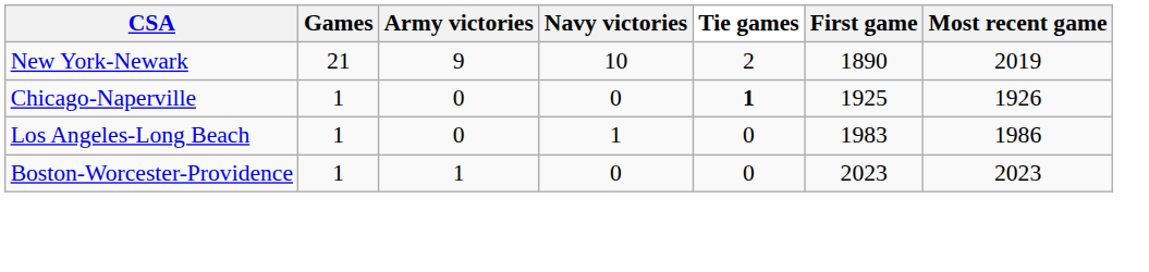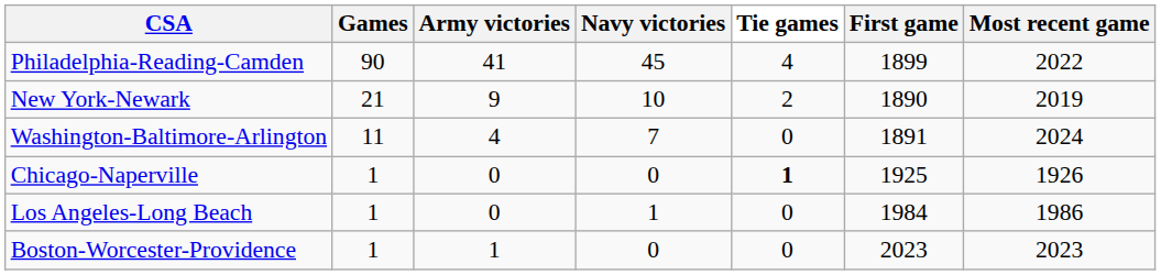 <table class="wikitable sortable">
 <tr>
 <th><a href='#'>CSA</a></th>
 <th>Games</th>
 <th>Army victories</th>
 <th>Navy victories</th>
 <th style="text-align:center; background:white; color:black;">Tie games</th>
 <th>First game</th>
 <th>Most recent game</th>
 </tr>
 <tr>
+<td><a href='#'>Philadelphia-Reading-Camden</a></td>
+<td style="text-align:center;">90</td>
+<td style="text-align:center;">41</td>
+<td style="text-align:center;">45</td>
+<td style="text-align:center;">4</td>
+<td style="text-align:center;">1899</td>
+<td style="text-align:center;">2022</td>
+</tr>
+<tr>
 <td><a href='#'>New York-Newark</a></td>
 <td style="text-align:center;">21</td>
 <td style="text-align:center;">9</td>
 <td style="text-align:center;">10</td>
 <td style="text-align:center;">2</td>
 <td style="text-align:center;">1890</td>
 <td style="text-align:center;">2019</td>
+</tr>
+<tr>
+<td><a href='#'>Washington-Baltimore-Arlington</a></td>
+<td style="text-align:center;">11</td>
+<td style="text-align:center;">4</td>
+<td style="text-align:center;">7</td>
+<td style="text-align:center;">0</td>
+<td style="text-align:center;">1891</td>
+<td style="text-align:center;">2024</td>
 </tr>
 <tr>
 <td><a href='#'>Chicago-Naperville</a></td>
 <td style="text-align:center;">1</td>
 <td style="text-align:center;">0</td>
 <td style="text-align:center;">0</td>
 <td style="text-align:center;"><strong>1</strong></td>
 <td style="text-align:center;">1925</td>
 <td style="text-align:center;">1926</td>
 </tr>
 <tr>
 <td><a href='#'>Los Angeles-Long Beach</a></td>
 <td style="text-align:center;">1</td>
 <td style="text-align:center;">0</td>
 <td style="text-align:center;">1</td>
 <td style="text-align:center;">0</td>
-<td style="text-align:center;">1983</td>
+<td style="text-align:center;">1984</td>
 <td style="text-align:center;">1986</td>
 </tr>
 <tr>
 <td><a href='#'>Boston-Worcester-Providence</a></td>
 <td style="text-align:center;">1</td>
 <td style="text-align:center;">1</td>
 <td style="text-align:center;">0</td>
 <td style="text-align:center;">0</td>
 <td style="text-align:center;">2023</td>
 <td style="text-align:center;">2023</td>
 </tr>
 </table>
